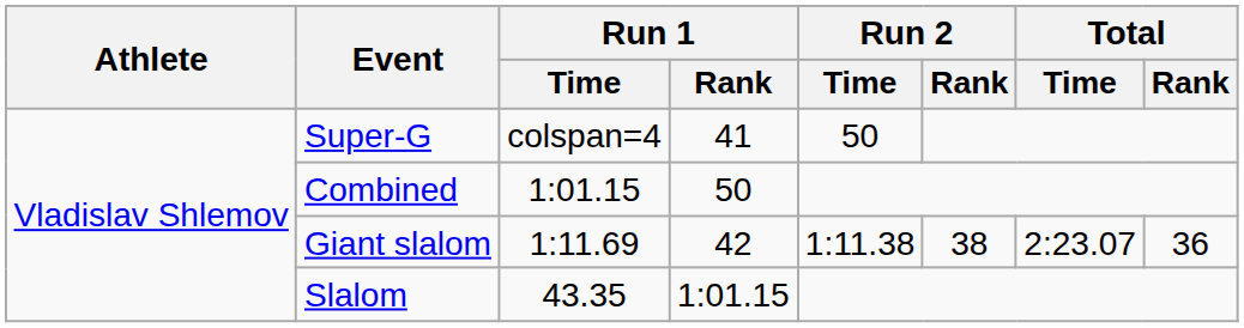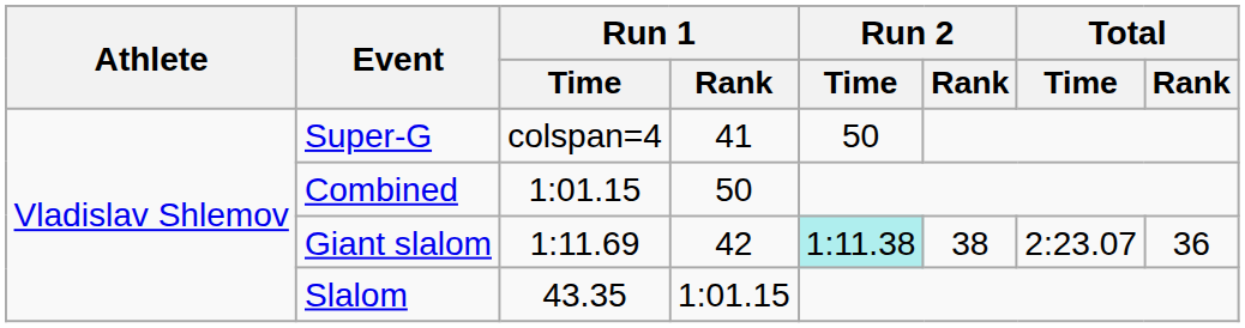 <table class="wikitable" style="font-size:90%">
 <tr>
 <th rowspan=2>Athlete</th>
 <th rowspan=2>Event</th>
 <th colspan=2>Run 1</th>
 <th colspan=2>Run 2</th>
 <th colspan=2>Total</th>
 </tr>
 <tr style="font-size:95%">
 <th>Time</th>
 <th>Rank</th>
 <th>Time</th>
 <th>Rank</th>
 <th>Time</th>
 <th>Rank</th>
 </tr>
 <tr align=center>
 <td align="left" rowspan="4"><a href='#'>Vladislav Shlemov</a></td>
 <td align="left"><a href='#'>Super-G</a></td>
 <td>colspan=4</td>
 <td>41</td>
 <td>50</td>
 </tr>
 <tr align=center>
 <td align="left"><a href='#'>Combined</a></td>
 <td>1:01.15</td>
 <td>50</td>
 <td colspan=4></td>
 </tr>
 <tr align=center>
 <td align="left"><a href='#'>Giant slalom</a></td>
 <td>1:11.69</td>
 <td>42</td>
-<td>1:11.38</td>
+<td style="background: paleturquoise;">1:11.38</td>
 <td>38</td>
 <td>2:23.07</td>
 <td>36</td>
 </tr>
 <tr align=center>
 <td align="left"><a href='#'>Slalom</a></td>
 <td>43.35</td>
 <td>1:01.15</td>
 <td colspan=4></td>
 </tr>
 </table>
